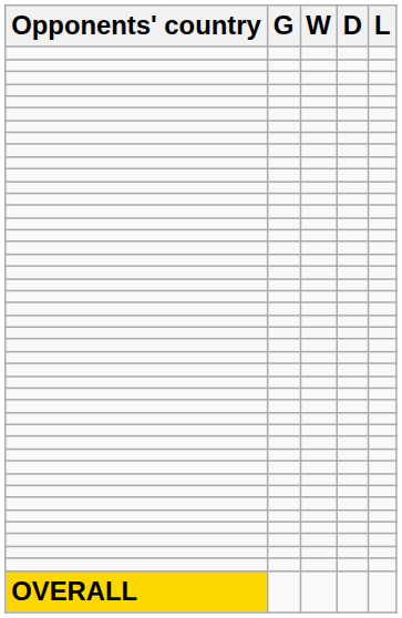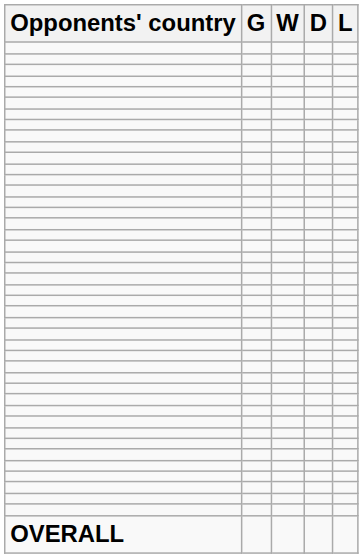 <table class="wikitable">
 <tr>
 <th>Opponents' country</th>
 <th>G</th>
 <th>W</th>
 <th>D</th>
 <th>L</th>
 </tr>
 <tr>
 <td align=left></td>
 <td></td>
 <td></td>
 <td></td>
 <td></td>
 </tr>
 <tr>
 <td align=left></td>
 <td></td>
 <td></td>
 <td></td>
 <td></td>
 </tr>
 <tr>
 <td align=left></td>
 <td></td>
 <td></td>
 <td></td>
 <td></td>
 </tr>
 <tr>
 <td align=left></td>
 <td></td>
 <td></td>
 <td></td>
 <td></td>
 </tr>
 <tr>
 <td align=left></td>
 <td></td>
 <td></td>
 <td></td>
 <td></td>
 </tr>
 <tr>
 <td align=left></td>
 <td></td>
 <td></td>
 <td></td>
 <td></td>
 </tr>
 <tr>
 <td align=left></td>
 <td></td>
 <td></td>
 <td></td>
 <td></td>
 </tr>
 <tr>
 <td align=left></td>
 <td></td>
 <td></td>
 <td></td>
 <td></td>
 </tr>
 <tr>
 <td align=left></td>
 <td></td>
 <td></td>
 <td></td>
 <td></td>
 </tr>
 <tr>
 <td align=left></td>
 <td></td>
 <td></td>
 <td></td>
 <td></td>
 </tr>
 <tr>
 <td align=left></td>
 <td></td>
 <td></td>
 <td></td>
 <td></td>
 </tr>
 <tr>
 <td align=left></td>
 <td></td>
 <td></td>
 <td></td>
 <td></td>
 </tr>
 <tr>
 <td align=left></td>
 <td></td>
 <td></td>
 <td></td>
 <td></td>
 </tr>
 <tr>
 <td align=left></td>
 <td></td>
 <td></td>
 <td></td>
 <td></td>
 </tr>
 <tr>
 <td align=left></td>
 <td></td>
 <td></td>
 <td></td>
 <td></td>
 </tr>
 <tr>
 <td align=left></td>
 <td></td>
 <td></td>
 <td></td>
 <td></td>
 </tr>
 <tr>
 <td align=left></td>
 <td></td>
 <td></td>
 <td></td>
 <td></td>
 </tr>
 <tr>
 <td align=left></td>
 <td></td>
 <td></td>
 <td></td>
 <td></td>
 </tr>
 <tr>
 <td align=left></td>
 <td></td>
 <td></td>
 <td></td>
 <td></td>
 </tr>
 <tr>
 <td align=left></td>
 <td></td>
 <td></td>
 <td></td>
 <td></td>
 </tr>
 <tr>
 <td align=left></td>
 <td></td>
 <td></td>
 <td></td>
 <td></td>
 </tr>
 <tr>
 <td align=left></td>
 <td></td>
 <td></td>
 <td></td>
 <td></td>
 </tr>
 <tr>
 <td align=left></td>
 <td></td>
 <td></td>
 <td></td>
 <td></td>
 </tr>
 <tr>
 <td align=left></td>
 <td></td>
 <td></td>
 <td></td>
 <td></td>
 </tr>
 <tr>
 <td align=left></td>
 <td></td>
 <td></td>
 <td></td>
 <td></td>
 </tr>
 <tr>
 <td align=left></td>
 <td></td>
 <td></td>
 <td></td>
 <td></td>
 </tr>
 <tr>
 <td align=left></td>
 <td></td>
 <td></td>
 <td></td>
 <td></td>
 </tr>
 <tr>
 <td align=left></td>
 <td></td>
 <td></td>
 <td></td>
 <td></td>
 </tr>
 <tr>
 <td align=left></td>
 <td></td>
 <td></td>
 <td></td>
 <td></td>
 </tr>
 <tr>
 <td align=left></td>
 <td></td>
 <td></td>
 <td></td>
 <td></td>
 </tr>
 <tr>
 <td align=left></td>
 <td></td>
 <td></td>
 <td></td>
 <td></td>
 </tr>
 <tr>
 <td align=left></td>
 <td></td>
 <td></td>
 <td></td>
 <td></td>
 </tr>
 <tr>
 <td align=left></td>
 <td></td>
 <td></td>
 <td></td>
 <td></td>
 </tr>
 <tr>
 <td align=left></td>
 <td></td>
 <td></td>
 <td></td>
 <td></td>
 </tr>
 <tr>
 <td align=left></td>
 <td></td>
 <td></td>
 <td></td>
 <td></td>
 </tr>
 <tr>
 <td align=left></td>
 <td></td>
 <td></td>
 <td></td>
 <td></td>
 </tr>
 <tr>
 <td align=left></td>
 <td></td>
 <td></td>
 <td></td>
 <td></td>
 </tr>
 <tr>
 <td align=left></td>
 <td></td>
 <td></td>
 <td></td>
 <td></td>
 </tr>
 <tr>
 <td align=left></td>
 <td></td>
 <td></td>
 <td></td>
 <td></td>
 </tr>
 <tr>
 <td align=left></td>
 <td></td>
 <td></td>
 <td></td>
 <td></td>
 </tr>
 <tr>
 <td align=left></td>
 <td></td>
 <td></td>
 <td></td>
 <td></td>
 </tr>
 <tr>
 <td align=left></td>
 <td></td>
 <td></td>
 <td></td>
 <td></td>
 </tr>
 <tr>
 <td align=left></td>
 <td></td>
 <td></td>
 <td></td>
 <td></td>
 </tr>
 <tr>
-<td align=left style="background: gold;"><strong>OVERALL</strong></td>
+<td align=left><strong>OVERALL</strong></td>
 <td></td>
 <td></td>
 <td></td>
 <td></td>
 </tr>
 </table>
